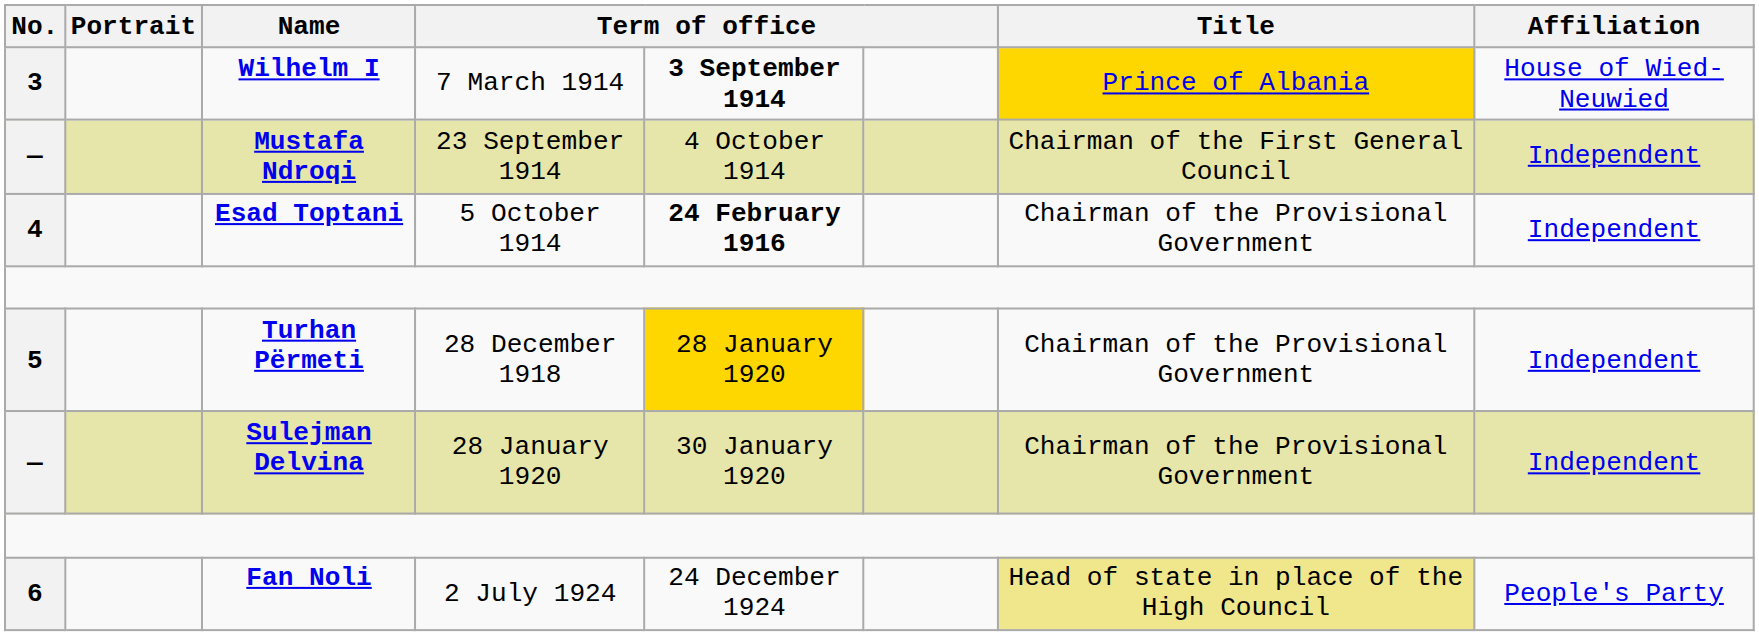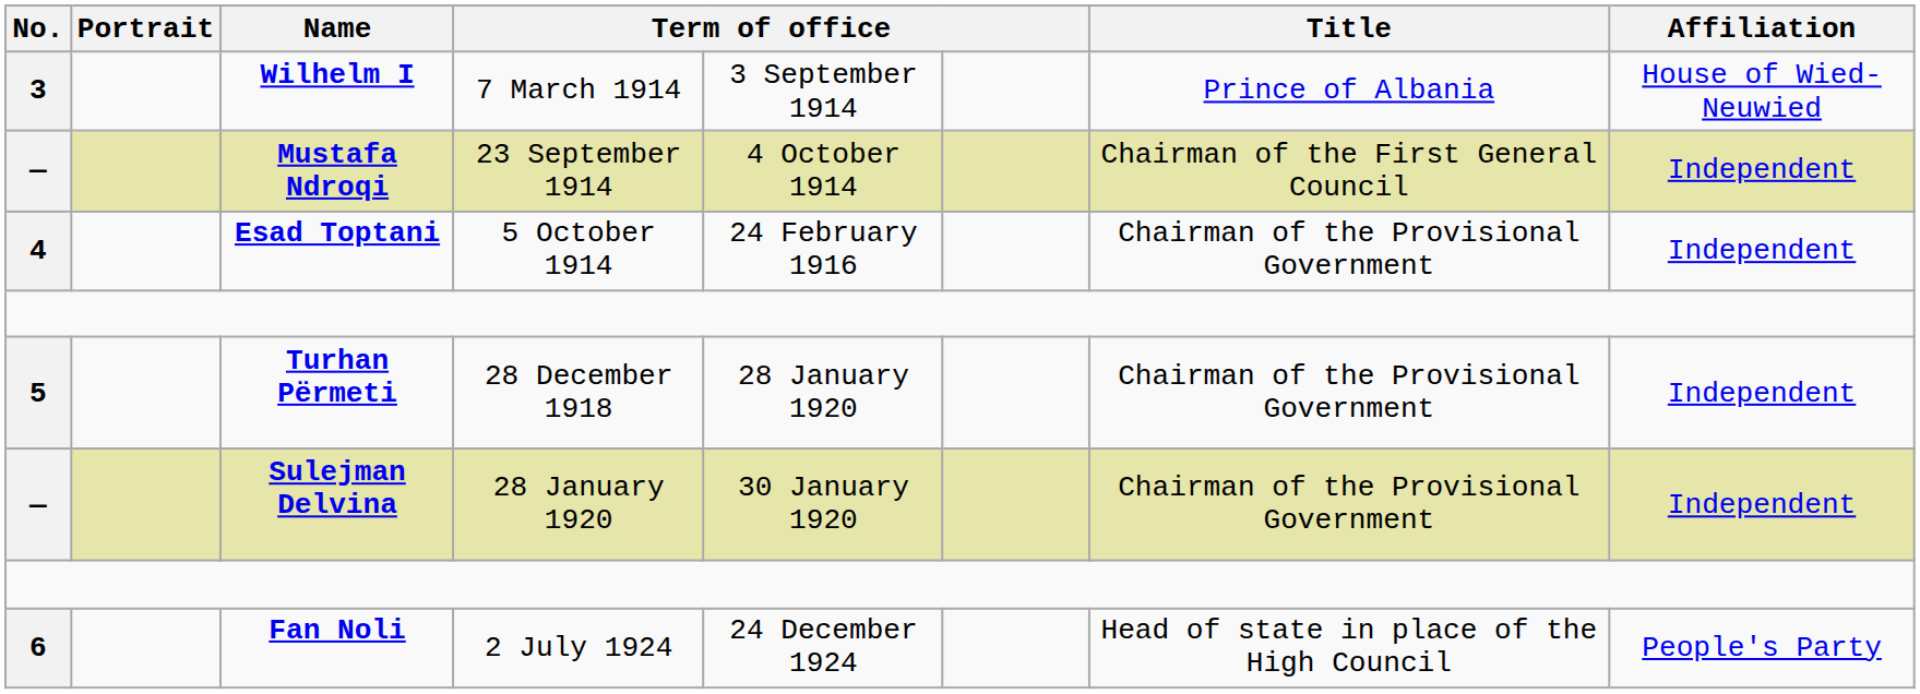 <table class="wikitable" style="text-align:center;">
 <tr>
 <th>No.</th>
 <th>Portrait</th>
 <th>Name</th>
 <th colspan="3">Term of office</th>
 <th>Title</th>
 <th>Affiliation</th>
 </tr>
 <tr>
 <th style="background:">3</th>
 <td></td>
 <td><strong><a href='#'>Wilhelm I</a></strong><br><br></td>
 <td>7 March 1914</td>
-<td><strong>3 September 1914</strong></td>
+<td>3 September 1914</td>
 <td width="60px"><em></em></td>
-<td style="background: gold;"><a href='#'>Prince of Albania</a></td>
+<td><a href='#'>Prince of Albania</a></td>
 <td><a href='#'>House of Wied-Neuwied</a></td>
 </tr>
 <tr style="background:#e6e6aa;">
 <th style="background:">—</th>
 <td></td>
 <td><strong><a href='#'>Mustafa Ndroqi</a></strong><br></td>
 <td>23 September 1914</td>
 <td>4 October 1914</td>
 <td><em></em></td>
 <td>Chairman of the First General Council</td>
 <td><a href='#'>Independent</a></td>
 </tr>
 <tr>
 <th style="background:">4</th>
 <td></td>
 <td><strong><a href='#'>Esad Toptani</a></strong><br><br></td>
 <td>5 October 1914</td>
-<td><strong>24 February 1916</strong></td>
+<td>24 February 1916</td>
 <td><em></em></td>
 <td>Chairman of the Provisional Government</td>
 <td><a href='#'>Independent</a></td>
 </tr>
 <tr>
 <td colspan="8"><br> <em></em></td>
 </tr>
 <tr>
 <th style="background:">5</th>
 <td></td>
 <td><strong><a href='#'>Turhan Përmeti</a></strong><br><br></td>
 <td>28 December 1918</td>
-<td style="background: gold;">28 January 1920</td>
+<td>28 January 1920</td>
 <td><em></em></td>
 <td>Chairman of the Provisional Government</td>
 <td><a href='#'>Independent</a></td>
 </tr>
 <tr style="background:#e6e6aa;">
 <th style="background:">—</th>
 <td></td>
 <td><strong><a href='#'>Sulejman Delvina</a></strong><br><br></td>
 <td>28 January 1920</td>
 <td>30 January 1920</td>
 <td><em></em></td>
 <td>Chairman of the Provisional Government</td>
 <td><a href='#'>Independent</a></td>
 </tr>
 <tr>
 <td colspan="8"><br> <em></em></td>
 </tr>
 <tr>
 <th style="background:">6</th>
 <td></td>
 <td><strong><a href='#'>Fan Noli</a></strong><br><br></td>
 <td>2 July 1924</td>
 <td>24 December 1924</td>
 <td><em></em></td>
-<td style="background: khaki;">Head of state in place of the High Council</td>
+<td>Head of state in place of the High Council</td>
 <td><a href='#'>People's Party</a></td>
 </tr>
 </table>
